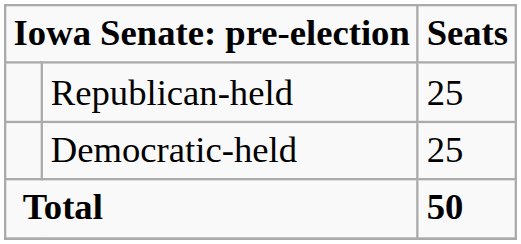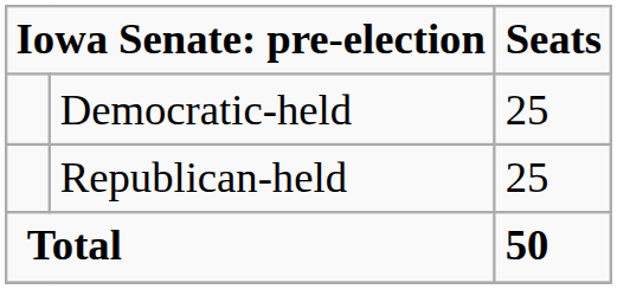 <table class="wikitable">
 <tr>
 <td colspan="2" rowspan="1" align="center" valign="top"><strong>Iowa Senate: pre-election</strong></td>
 <td style="vertical-align:top;"><strong>Seats</strong><br></td>
 </tr>
 <tr>
 <td style="background-color:"> </td>
-<td>Republican-held</td>
+<td>Democratic-held</td>
 <td>25</td>
 </tr>
 <tr>
 <td style="background-color:"> </td>
-<td>Democratic-held</td>
+<td>Republican-held</td>
 <td>25</td>
 </tr>
 <tr>
 <td colspan="2" rowspan="1"> <strong>Total</strong><br></td>
 <td><strong>50</strong></td>
 </tr>
 <tr>
 </tr>
 </table>
